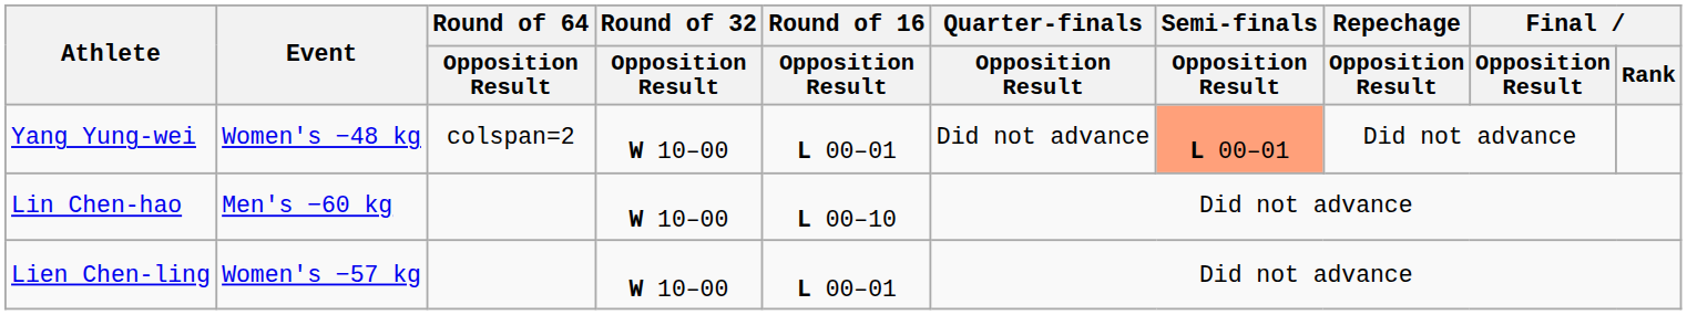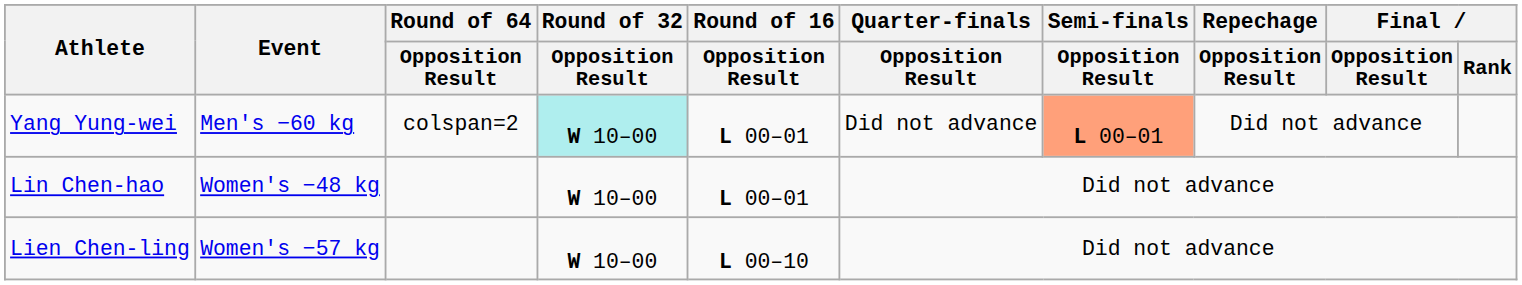 <table class="wikitable" style="font-size:90%; text-align:center">
 <tr>
 <th rowspan="2">Athlete</th>
 <th rowspan="2">Event</th>
 <th>Round of 64</th>
 <th>Round of 32</th>
 <th>Round of 16</th>
 <th>Quarter-finals</th>
 <th>Semi-finals</th>
 <th>Repechage</th>
 <th colspan="2">Final / </th>
 </tr>
 <tr style="font-size:95%">
 <th>Opposition<br>Result</th>
 <th>Opposition<br>Result</th>
 <th>Opposition<br>Result</th>
 <th>Opposition<br>Result</th>
 <th>Opposition<br>Result</th>
 <th>Opposition<br>Result</th>
 <th>Opposition<br>Result</th>
 <th>Rank</th>
 </tr>
 <tr>
 <td align="left"><a href='#'>Yang Yung-wei</a></td>
-<td align="left"><a href='#'>Women's −48 kg</a></td>
+<td align="left"><a href='#'>Men's −60 kg</a></td>
 <td>colspan=2 </td>
-<td> <br> <strong>W</strong> 10–00</td>
+<td style="background: paleturquoise;"> <br> <strong>W</strong> 10–00</td>
 <td> <br> <strong>L</strong> 00–01</td>
 <td>Did not advance</td>
 <td style="background: lightsalmon;"><br><strong>L</strong> 00–01</td>
 <td colspan="2">Did not advance</td>
 </tr>
 <tr>
 <td align="left"><a href='#'>Lin Chen-hao</a></td>
-<td align="left"><a href='#'>Men's −60 kg</a></td>
+<td align="left"><a href='#'>Women's −48 kg</a></td>
 <td></td>
 <td> <br> <strong>W</strong> 10–00</td>
-<td> <br> <strong>L</strong> 00–10</td>
+<td> <br> <strong>L</strong> 00–01</td>
 <td colspan="5">Did not advance</td>
 </tr>
 <tr>
 <td align="left"><a href='#'>Lien Chen-ling</a></td>
 <td align="left"><a href='#'>Women's −57 kg</a></td>
 <td></td>
 <td> <br> <strong>W</strong> 10–00</td>
-<td> <br> <strong>L</strong> 00–01</td>
+<td> <br> <strong>L</strong> 00–10</td>
 <td colspan="5">Did not advance</td>
 </tr>
 </table>
